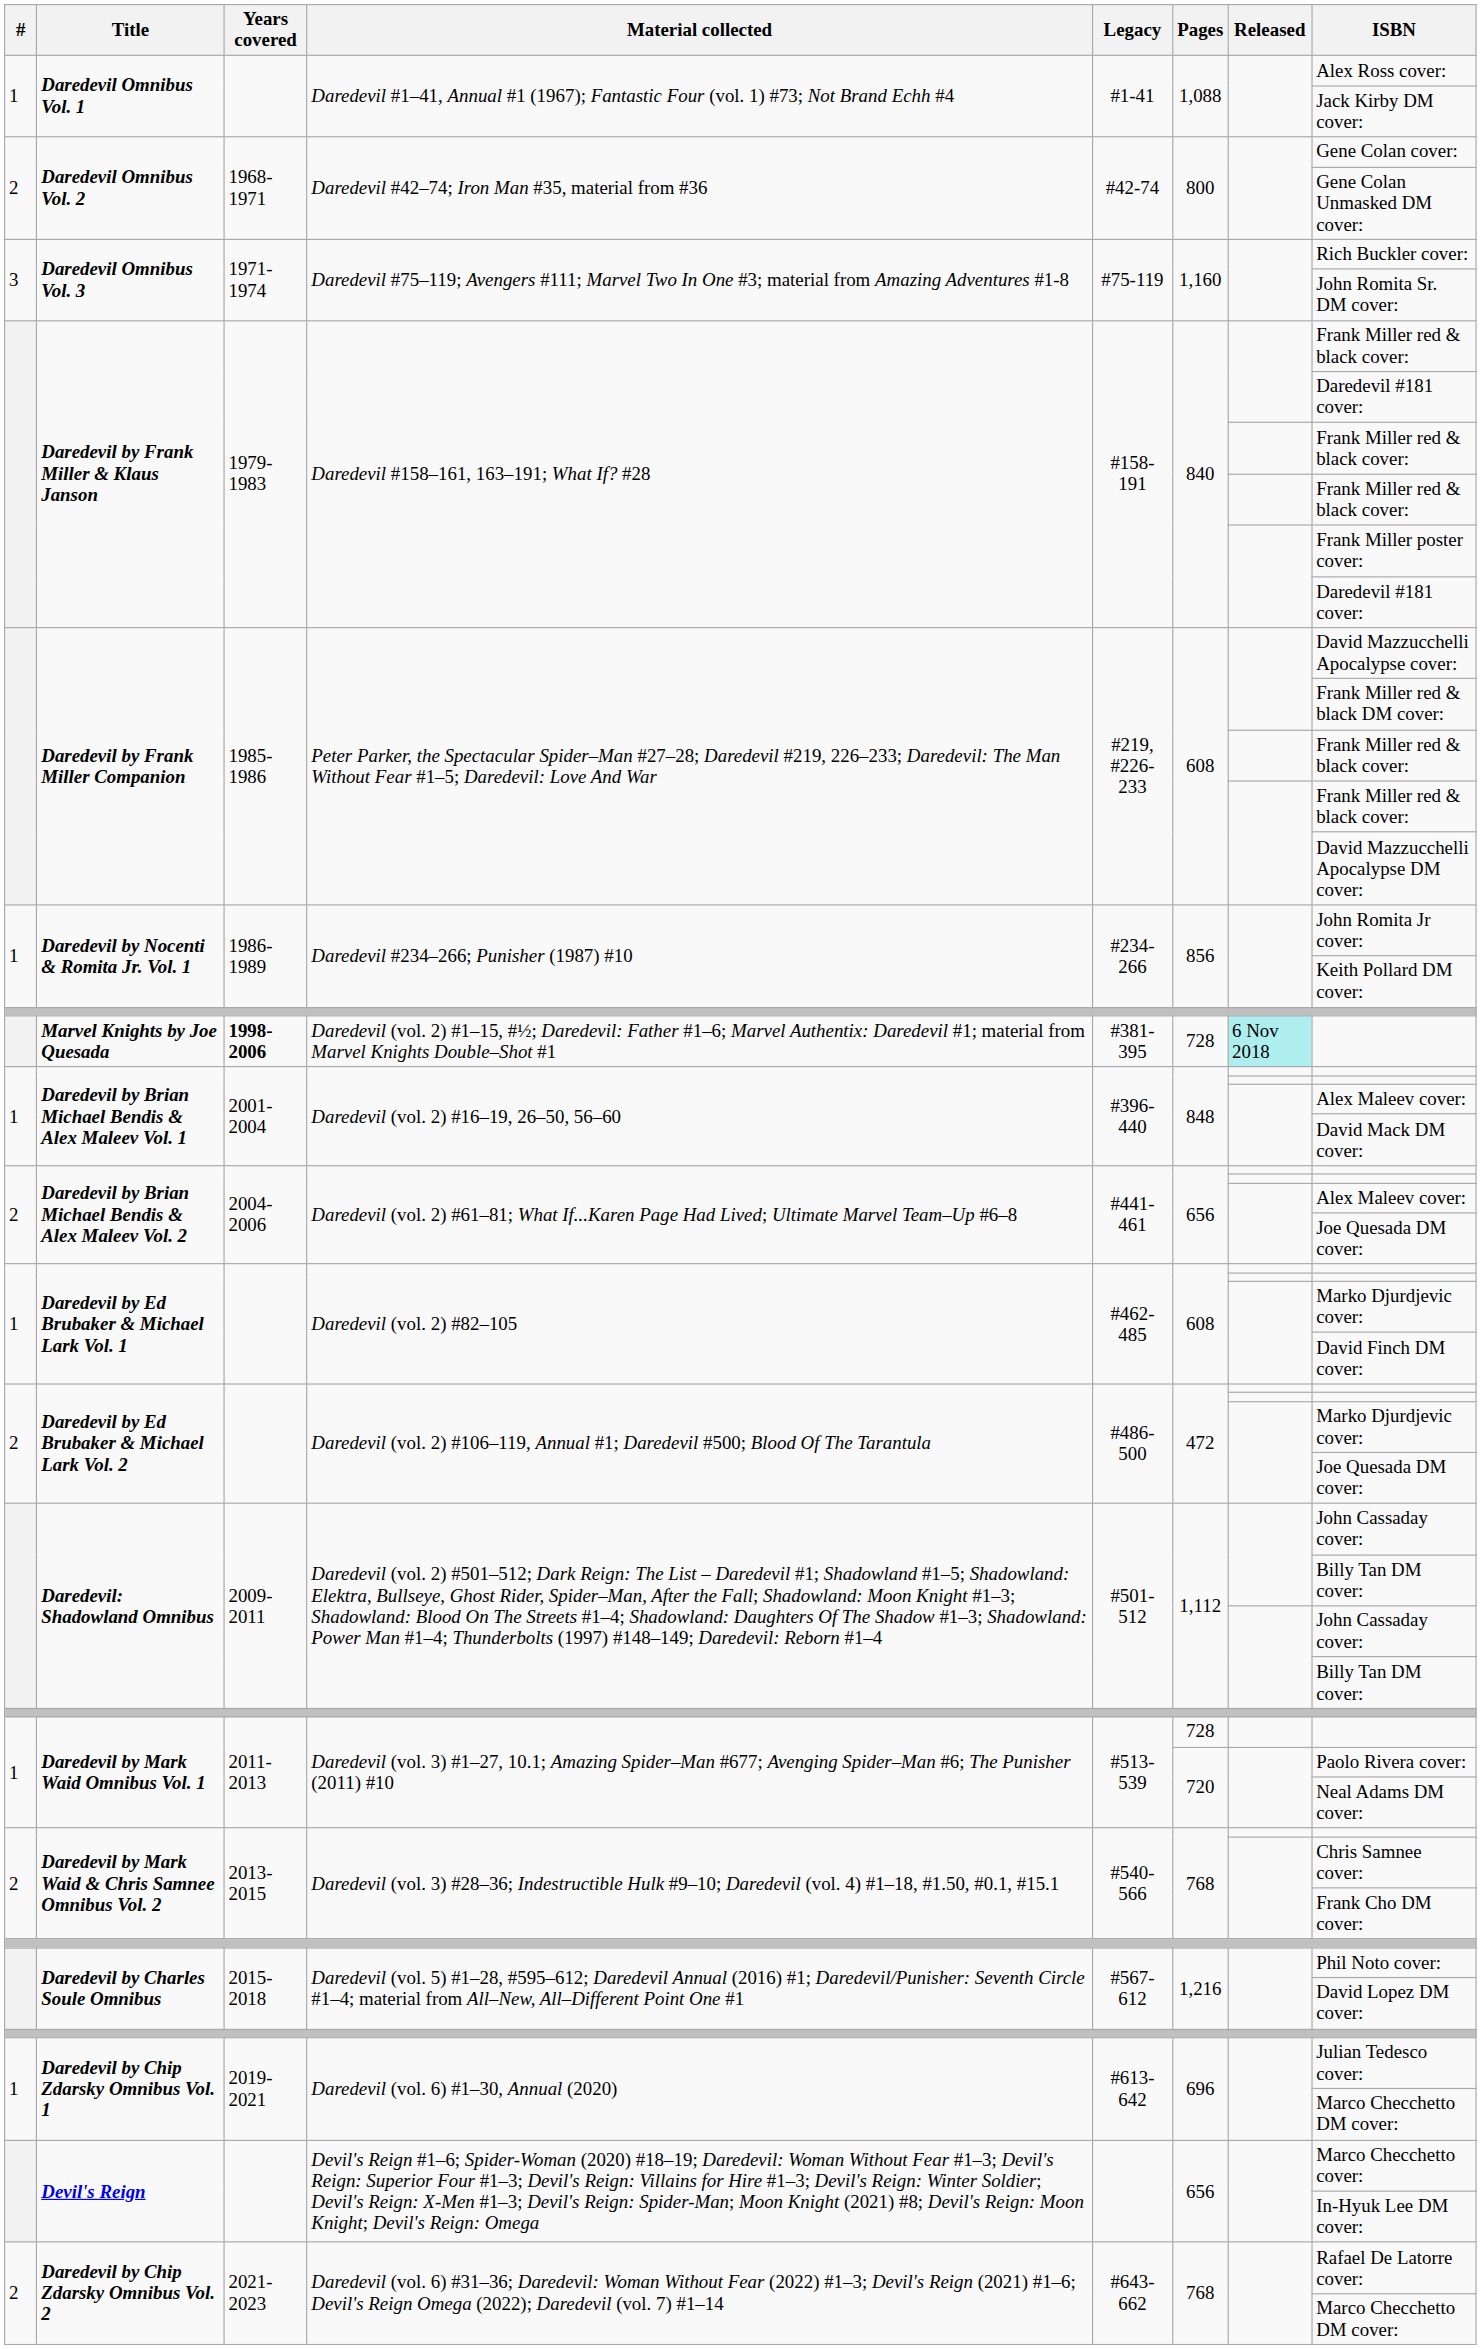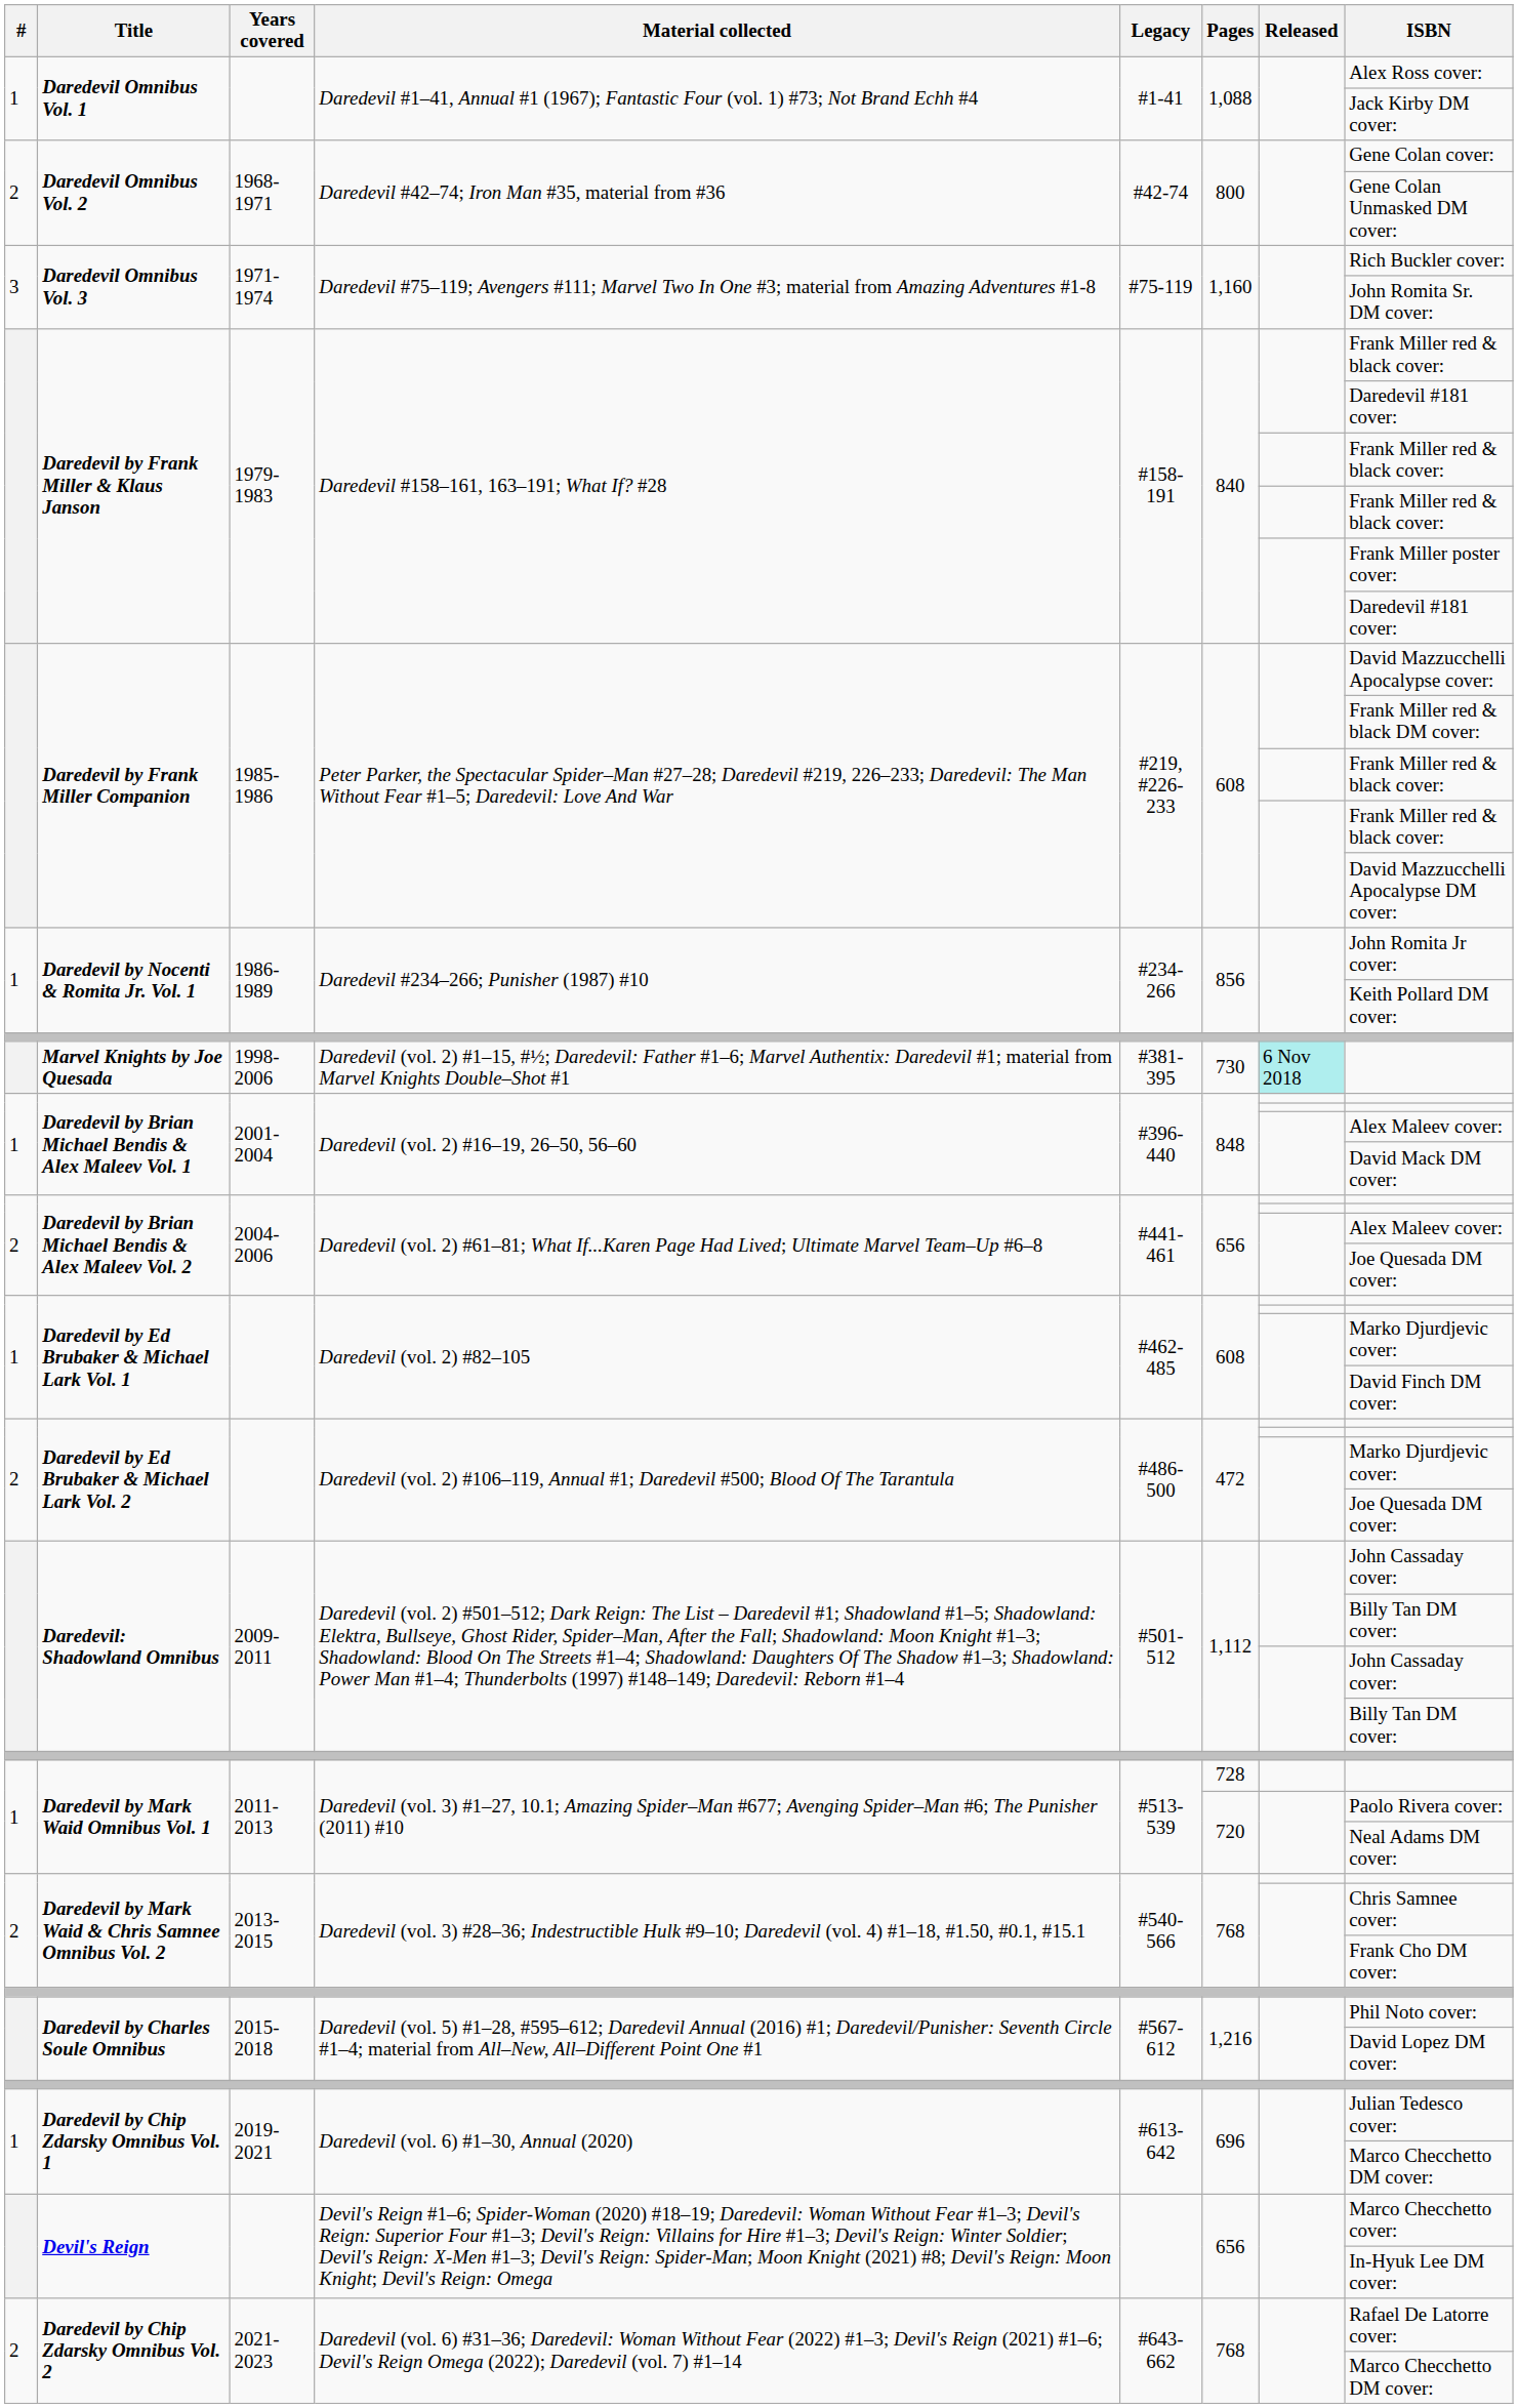 <table class="wikitable sortable">
 <tr>
 <th class="unsortable" width="20px">#</th>
 <th>Title</th>
 <th>Years covered</th>
 <th class="unsortable">Material collected</th>
 <th>Legacy</th>
 <th>Pages</th>
 <th>Released</th>
 <th class="unsortable">ISBN</th>
 </tr>
 <tr>
 <td rowspan=2>1</td>
 <td rowspan=2><strong><em>Daredevil Omnibus Vol. 1</em></strong></td>
 <td rowspan=2></td>
 <td rowspan=2><em>Daredevil</em> #1–41, <em>Annual</em> #1 (1967); <em>Fantastic Four</em> (vol. 1) #73; <em>Not Brand Echh</em> #4</td>
 <td rowspan=2 style="text-align: center;">#1-41</td>
 <td rowspan=2 style="text-align: center;">1,088</td>
 <td rowspan=2></td>
 <td>Alex Ross cover: </td>
 </tr>
 <tr>
 <td>Jack Kirby DM cover: </td>
 </tr>
 <tr>
 <td rowspan=2>2</td>
 <td rowspan=2><strong><em>Daredevil Omnibus Vol. 2</em></strong></td>
 <td rowspan=2>1968-1971</td>
 <td rowspan=2><em>Daredevil</em> #42–74; <em>Iron Man</em> #35, material from #36</td>
 <td rowspan=2 style="text-align: center;">#42-74</td>
 <td rowspan=2 style="text-align: center;">800</td>
 <td rowspan=2></td>
 <td>Gene Colan cover: </td>
 </tr>
 <tr>
 <td>Gene Colan Unmasked DM cover: </td>
 </tr>
 <tr>
 <td rowspan=2>3</td>
 <td rowspan=2><strong><em>Daredevil Omnibus Vol. 3</em></strong></td>
 <td rowspan=2>1971-1974</td>
 <td rowspan=2><em>Daredevil</em> #75–119; <em>Avengers</em> #111; <em>Marvel Two In One</em> #3; material from <em>Amazing Adventures</em> #1-8</td>
 <td rowspan=2 style="text-align: center;">#75-119</td>
 <td rowspan=2 style="text-align: center;">1,160</td>
 <td rowspan=2></td>
 <td>Rich Buckler cover: </td>
 </tr>
 <tr>
 <td>John Romita Sr. DM cover: </td>
 </tr>
 <tr>
 <th style="background-color: light grey;" rowspan=6></th>
 <td rowspan=6><strong><em>Daredevil by Frank Miller & Klaus Janson</em></strong></td>
 <td rowspan=6>1979-1983</td>
 <td rowspan=6><em>Daredevil</em> #158–161, 163–191; <em>What If?</em> #28</td>
 <td rowspan=6 style="text-align: center;">#158-191</td>
 <td rowspan=6 style="text-align: center;">840</td>
 <td rowspan=2></td>
 <td>Frank Miller red & black cover: </td>
 </tr>
 <tr>
 <td>Daredevil #181 cover: </td>
 </tr>
 <tr>
 <td></td>
 <td>Frank Miller red & black cover: </td>
 </tr>
 <tr>
 <td></td>
 <td>Frank Miller red & black cover: </td>
 </tr>
 <tr>
 <td rowspan=2></td>
 <td>Frank Miller poster cover: </td>
 </tr>
 <tr>
 <td>Daredevil #181 cover: </td>
 </tr>
 <tr>
 <th style="background-color: light grey;" rowspan=5></th>
 <td rowspan=5><strong><em>Daredevil by Frank Miller Companion</em></strong></td>
 <td rowspan=5>1985-1986</td>
 <td rowspan=5><em>Peter Parker, the Spectacular Spider–Man</em> #27–28; <em>Daredevil</em> #219, 226–233; <em>Daredevil: The Man Without Fear</em> #1–5; <em>Daredevil: Love And War</em></td>
 <td rowspan=5 style="text-align: center;">#219, #226-233</td>
 <td rowspan=5 style="text-align: center;">608</td>
 <td rowspan=2></td>
 <td>David Mazzucchelli Apocalypse cover: </td>
 </tr>
 <tr>
 <td>Frank Miller red & black DM cover: </td>
 </tr>
 <tr>
 <td></td>
 <td>Frank Miller red & black cover: </td>
 </tr>
 <tr>
 <td rowspan=2></td>
 <td>Frank Miller red & black cover: </td>
 </tr>
 <tr>
 <td>David Mazzucchelli Apocalypse DM cover: </td>
 </tr>
 <tr>
 <td rowspan=2>1</td>
 <td rowspan=2><strong><em>Daredevil by Nocenti & Romita Jr. Vol. 1</em></strong></td>
 <td rowspan=2>1986-1989</td>
 <td rowspan=2><em>Daredevil</em> #234–266; <em>Punisher</em> (1987) #10</td>
 <td rowspan=2 style="text-align: center;">#234-266</td>
 <td rowspan=2 style="text-align: center;">856</td>
 <td rowspan=2></td>
 <td>John Romita Jr cover: </td>
 </tr>
 <tr>
 <td>Keith Pollard DM cover: </td>
 </tr>
 <tr>
 <td colspan=8 style="background-color: silver;"></td>
 </tr>
 <tr>
 <th style="background-color: light grey;"></th>
 <td><strong><em>Marvel Knights by Joe Quesada</em></strong></td>
-<td><strong>1998-2006</strong></td>
+<td>1998-2006</td>
 <td><em>Daredevil</em> (vol. 2) #1–15, #½; <em>Daredevil: Father</em> #1–6; <em>Marvel Authentix: Daredevil</em> #1; material from <em>Marvel Knights Double–Shot</em> #1</td>
 <td style="text-align: center;">#381-395</td>
-<td style="text-align: center;">728</td>
+<td style="text-align: center;">730</td>
 <td style="background: paleturquoise;">6 Nov 2018</td>
 <td></td>
 </tr>
 <tr>
 <td rowspan=4>1</td>
 <td rowspan=4><strong><em>Daredevil by Brian Michael Bendis & Alex Maleev Vol. 1</em></strong></td>
 <td rowspan=4>2001-2004</td>
 <td rowspan=4><em>Daredevil</em> (vol. 2) #16–19, 26–50, 56–60</td>
 <td rowspan=4 style="text-align: center;">#396-440</td>
 <td rowspan=4 style="text-align: center;">848</td>
 <td></td>
 <td></td>
 </tr>
 <tr>
 <td></td>
 <td></td>
 </tr>
 <tr>
 <td rowspan=2></td>
 <td>Alex Maleev cover: </td>
 </tr>
 <tr>
 <td>David Mack DM cover: </td>
 </tr>
 <tr>
 <td rowspan=4>2</td>
 <td rowspan=4><strong><em>Daredevil by Brian Michael Bendis & Alex Maleev Vol. 2</em></strong></td>
 <td rowspan=4>2004-2006</td>
 <td rowspan=4><em>Daredevil</em> (vol. 2) #61–81; <em>What If...Karen Page Had Lived</em>; <em>Ultimate Marvel Team–Up</em> #6–8</td>
 <td rowspan=4 style="text-align: center;">#441-461</td>
 <td rowspan=4 style="text-align: center;">656</td>
 <td></td>
 <td></td>
 </tr>
 <tr>
 <td></td>
 <td></td>
 </tr>
 <tr>
 <td rowspan=2></td>
 <td>Alex Maleev cover: </td>
 </tr>
 <tr>
 <td>Joe Quesada DM cover: </td>
 </tr>
 <tr>
 <td rowspan=4>1</td>
 <td rowspan=4><strong><em>Daredevil by Ed Brubaker & Michael Lark Vol. 1</em></strong></td>
 <td rowspan=4></td>
 <td rowspan=4><em>Daredevil</em> (vol. 2) #82–105</td>
 <td rowspan=4 style="text-align: center;">#462-485</td>
 <td rowspan=4 style="text-align: center;">608</td>
 <td></td>
 <td></td>
 </tr>
 <tr>
 <td></td>
 <td></td>
 </tr>
 <tr>
 <td rowspan=2></td>
 <td>Marko Djurdjevic cover: </td>
 </tr>
 <tr>
 <td>David Finch DM cover: </td>
 </tr>
 <tr>
 <td rowspan=4>2</td>
 <td rowspan=4><strong><em>Daredevil by Ed Brubaker & Michael Lark Vol. 2</em></strong></td>
 <td rowspan=4></td>
 <td rowspan=4><em>Daredevil</em> (vol. 2) #106–119, <em>Annual</em> #1; <em>Daredevil</em> #500; <em>Blood Of The Tarantula</em></td>
 <td rowspan=4 style="text-align: center;">#486-500</td>
 <td rowspan=4 style="text-align: center;">472</td>
 <td></td>
 <td></td>
 </tr>
 <tr>
 <td></td>
 <td></td>
 </tr>
 <tr>
 <td rowspan=2></td>
 <td>Marko Djurdjevic cover: </td>
 </tr>
 <tr>
 <td>Joe Quesada DM cover: </td>
 </tr>
 <tr>
 <th rowspan=4 style="background-color: light grey;"></th>
 <td rowspan=4><strong><em>Daredevil: Shadowland Omnibus</em></strong></td>
 <td rowspan=4>2009-2011</td>
 <td rowspan=4><em>Daredevil</em> (vol. 2) #501–512; <em>Dark Reign: The List – Daredevil</em> #1; <em>Shadowland</em> #1–5; <em>Shadowland: Elektra, Bullseye, Ghost Rider, Spider–Man, After the Fall</em>; <em>Shadowland: Moon Knight</em> #1–3; <em>Shadowland: Blood On The Streets</em> #1–4; <em>Shadowland: Daughters Of The Shadow</em> #1–3; <em>Shadowland: Power Man</em> #1–4; <em>Thunderbolts</em> (1997) #148–149; <em>Daredevil: Reborn</em> #1–4</td>
 <td rowspan=4 style="text-align: center;">#501-512</td>
 <td rowspan=4 style="text-align: center;">1,112</td>
 <td rowspan=2></td>
 <td>John Cassaday cover: </td>
 </tr>
 <tr>
 <td>Billy Tan DM cover: </td>
 </tr>
 <tr>
 <td rowspan=2></td>
 <td>John Cassaday cover: </td>
 </tr>
 <tr>
 <td>Billy Tan DM cover: </td>
 </tr>
 <tr>
 <td colspan=8 style="background-color: silver;"></td>
 </tr>
 <tr>
 <td rowspan=3>1</td>
 <td rowspan=3><strong><em>Daredevil by Mark Waid Omnibus Vol. 1</em></strong></td>
 <td rowspan=3>2011-2013</td>
 <td rowspan=3><em>Daredevil</em> (vol. 3) #1–27, 10.1; <em>Amazing Spider–Man</em> #677; <em>Avenging Spider–Man</em> #6; <em>The Punisher</em> (2011) #10</td>
 <td rowspan=3 style="text-align: center;">#513-539</td>
 <td style="text-align: center;">728</td>
 <td></td>
 <td></td>
 </tr>
 <tr>
 <td rowspan=2 style="text-align: center;">720</td>
 <td rowspan=2></td>
 <td>Paolo Rivera cover: </td>
 </tr>
 <tr>
 <td>Neal Adams DM cover: </td>
 </tr>
 <tr>
 <td rowspan=3>2</td>
 <td rowspan=3><strong><em>Daredevil by Mark Waid & Chris Samnee Omnibus Vol. 2</em></strong></td>
 <td rowspan=3>2013-2015</td>
 <td rowspan=3><em>Daredevil</em> (vol. 3) #28–36; <em>Indestructible Hulk</em> #9–10; <em>Daredevil</em> (vol. 4) #1–18, #1.50, #0.1, #15.1</td>
 <td rowspan=3 style="text-align: center;">#540-566</td>
 <td rowspan=3 style="text-align: center;">768</td>
 <td></td>
 <td></td>
 </tr>
 <tr>
 <td rowspan="2"></td>
 <td>Chris Samnee cover: </td>
 </tr>
 <tr>
 <td>Frank Cho DM cover: </td>
 </tr>
 <tr>
 <td colspan=8 style="background-color: silver;"></td>
 </tr>
 <tr>
 <th rowspan=2 style="background-color: light grey;"></th>
 <td rowspan=2><strong><em>Daredevil by Charles Soule Omnibus</em></strong></td>
 <td rowspan=2>2015-2018</td>
 <td rowspan=2><em>Daredevil</em> (vol. 5) #1–28, #595–612; <em>Daredevil Annual</em> (2016) #1; <em>Daredevil/Punisher: Seventh Circle</em> #1–4; material from <em>All–New, All–Different Point One</em> #1</td>
 <td rowspan=2 style="text-align: center;">#567-612</td>
 <td rowspan=2 style="text-align: center;">1,216</td>
 <td rowspan=2></td>
 <td>Phil Noto cover: </td>
 </tr>
 <tr>
 <td>David Lopez DM cover: </td>
 </tr>
 <tr>
 <td colspan=8 style="background-color: silver;"></td>
 </tr>
 <tr>
 <td rowspan=2>1</td>
 <td rowspan=2><strong><em>Daredevil by Chip Zdarsky Omnibus Vol. 1</em></strong></td>
 <td rowspan=2>2019-2021</td>
 <td rowspan=2><em>Daredevil</em> (vol. 6) #1–30, <em>Annual</em> (2020)</td>
 <td rowspan=2 style="text-align: center;">#613-642</td>
 <td rowspan=2 style="text-align: center;">696</td>
 <td rowspan=2></td>
 <td>Julian Tedesco cover: </td>
 </tr>
 <tr>
 <td>Marco Checchetto DM cover: </td>
 </tr>
 <tr>
 <th rowspan=2 style="background-color: light grey;"></th>
 <td rowspan=2><strong><em><a href='#'>Devil's Reign</a></em></strong></td>
 <td rowspan=2></td>
 <td rowspan=2><em>Devil's Reign</em> #1–6; <em>Spider-Woman</em> (2020) #18–19; <em>Daredevil: Woman Without Fear</em> #1–3; <em>Devil's Reign: Superior Four</em> #1–3; <em>Devil's Reign: Villains for Hire</em> #1–3; <em>Devil's Reign: Winter Soldier</em>; <em>Devil's Reign: X-Men</em> #1–3; <em>Devil's Reign: Spider-Man</em>; <em>Moon Knight</em> (2021) #8; <em>Devil's Reign: Moon Knight</em>; <em>Devil's Reign: Omega</em></td>
 <td rowspan=2 style="text-align: center;" style="background-color: light grey;"></td>
 <td rowspan=2 style="text-align: center;">656</td>
 <td rowspan=2></td>
 <td>Marco Checchetto cover: </td>
 </tr>
 <tr>
 <td>In-Hyuk Lee DM cover: </td>
 </tr>
 <tr>
 <td rowspan=2>2</td>
 <td rowspan=2><strong><em>Daredevil by Chip Zdarsky Omnibus Vol. 2</em></strong></td>
 <td rowspan=2>2021-2023</td>
 <td rowspan=2><em>Daredevil</em> (vol. 6) #31–36; <em>Daredevil: Woman Without Fear</em> (2022) #1–3; <em>Devil's Reign</em> (2021) #1–6; <em>Devil's Reign Omega</em> (2022); <em>Daredevil</em> (vol. 7) #1–14</td>
 <td rowspan=2 style="text-align: center;">#643-662</td>
 <td rowspan=2 style="text-align: center;">768</td>
 <td rowspan=2></td>
 <td>Rafael De Latorre cover: </td>
 </tr>
 <tr>
 <td>Marco Checchetto DM cover: </td>
 </tr>
 </table>
